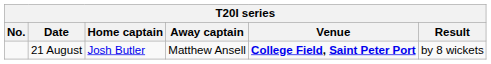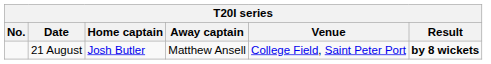 <table class="wikitable">
 <tr>
 <th colspan="9">T20I series</th>
 </tr>
 <tr>
 <th>No.</th>
 <th>Date</th>
 <th>Home captain</th>
 <th>Away captain</th>
 <th>Venue</th>
 <th>Result</th>
 </tr>
 <tr>
 <td></td>
 <td>21 August</td>
 <td><a href='#'>Josh Butler</a></td>
 <td>Matthew Ansell</td>
-<td><strong><a href='#'>College Field</a>, <a href='#'>Saint Peter Port</a></strong></td>
-<td> by 8 wickets</td>
+<td><a href='#'>College Field</a>, <a href='#'>Saint Peter Port</a></td>
+<td><strong> by 8 wickets</strong></td>
 </tr>
 </table>
